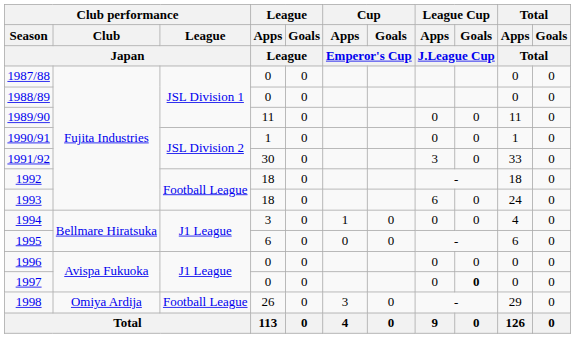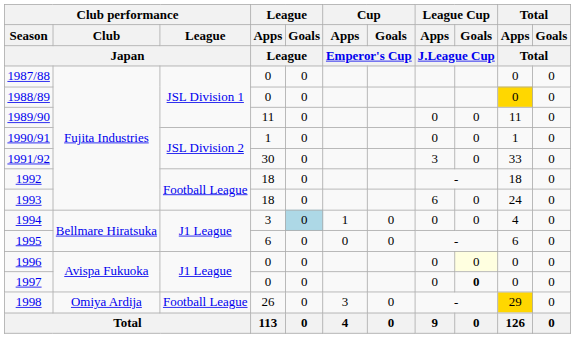 <table class="wikitable" style="text-align:center;">
 <tr>
 <th colspan=3>Club performance</th>
 <th colspan=2>League</th>
 <th colspan=2>Cup</th>
 <th colspan=2>League Cup</th>
 <th colspan=2>Total</th>
 </tr>
 <tr>
 <th>Season</th>
 <th>Club</th>
 <th>League</th>
 <th>Apps</th>
 <th>Goals</th>
 <th>Apps</th>
 <th>Goals</th>
 <th>Apps</th>
 <th>Goals</th>
 <th>Apps</th>
 <th>Goals</th>
 </tr>
 <tr>
 <th colspan=3>Japan</th>
 <th colspan=2>League</th>
 <th colspan=2><a href='#'>Emperor's Cup</a></th>
 <th colspan=2><a href='#'>J.League Cup</a></th>
 <th colspan=2>Total</th>
 </tr>
 <tr>
 <td><a href='#'>1987/88</a></td>
 <td rowspan="7"><a href='#'>Fujita Industries</a></td>
 <td rowspan="3"><a href='#'>JSL Division 1</a></td>
 <td>0</td>
 <td>0</td>
 <td></td>
 <td></td>
 <td></td>
 <td></td>
 <td>0</td>
 <td>0</td>
 </tr>
 <tr>
 <td><a href='#'>1988/89</a></td>
 <td>0</td>
 <td>0</td>
 <td></td>
 <td></td>
 <td></td>
 <td></td>
-<td>0</td>
+<td style="background: gold;">0</td>
 <td>0</td>
 </tr>
 <tr>
 <td><a href='#'>1989/90</a></td>
 <td>11</td>
 <td>0</td>
 <td></td>
 <td></td>
 <td>0</td>
 <td>0</td>
 <td>11</td>
 <td>0</td>
 </tr>
 <tr>
 <td><a href='#'>1990/91</a></td>
 <td rowspan="2"><a href='#'>JSL Division 2</a></td>
 <td>1</td>
 <td>0</td>
 <td></td>
 <td></td>
 <td>0</td>
 <td>0</td>
 <td>1</td>
 <td>0</td>
 </tr>
 <tr>
 <td><a href='#'>1991/92</a></td>
 <td>30</td>
 <td>0</td>
 <td></td>
 <td></td>
 <td>3</td>
 <td>0</td>
 <td>33</td>
 <td>0</td>
 </tr>
 <tr>
 <td><a href='#'>1992</a></td>
 <td rowspan="2"><a href='#'>Football League</a></td>
 <td>18</td>
 <td>0</td>
 <td></td>
 <td></td>
 <td colspan="2">-</td>
 <td>18</td>
 <td>0</td>
 </tr>
 <tr>
 <td><a href='#'>1993</a></td>
 <td>18</td>
 <td>0</td>
 <td></td>
 <td></td>
 <td>6</td>
 <td>0</td>
 <td>24</td>
 <td>0</td>
 </tr>
 <tr>
 <td><a href='#'>1994</a></td>
 <td rowspan="2"><a href='#'>Bellmare Hiratsuka</a></td>
 <td rowspan="2"><a href='#'>J1 League</a></td>
 <td>3</td>
-<td>0</td>
+<td style="background: lightblue;">0</td>
 <td>1</td>
 <td>0</td>
 <td>0</td>
 <td>0</td>
 <td>4</td>
 <td>0</td>
 </tr>
 <tr>
 <td><a href='#'>1995</a></td>
 <td>6</td>
 <td>0</td>
 <td>0</td>
 <td>0</td>
 <td colspan="2">-</td>
 <td>6</td>
 <td>0</td>
 </tr>
 <tr>
 <td><a href='#'>1996</a></td>
 <td rowspan="2"><a href='#'>Avispa Fukuoka</a></td>
 <td rowspan="2"><a href='#'>J1 League</a></td>
 <td>0</td>
 <td>0</td>
 <td></td>
 <td></td>
 <td>0</td>
-<td>0</td>
+<td style="background: lightyellow;">0</td>
 <td>0</td>
 <td>0</td>
 </tr>
 <tr>
 <td><a href='#'>1997</a></td>
 <td>0</td>
 <td>0</td>
 <td></td>
 <td></td>
 <td>0</td>
 <td><strong>0</strong></td>
 <td>0</td>
 <td>0</td>
 </tr>
 <tr>
 <td><a href='#'>1998</a></td>
 <td><a href='#'>Omiya Ardija</a></td>
 <td><a href='#'>Football League</a></td>
 <td>26</td>
 <td>0</td>
 <td>3</td>
 <td>0</td>
 <td colspan="2">-</td>
-<td>29</td>
+<td style="background: gold;">29</td>
 <td>0</td>
 </tr>
 <tr>
 <th colspan=3>Total</th>
 <th>113</th>
 <th>0</th>
 <th>4</th>
 <th>0</th>
 <th>9</th>
 <th>0</th>
 <th>126</th>
 <th>0</th>
 </tr>
 </table>
